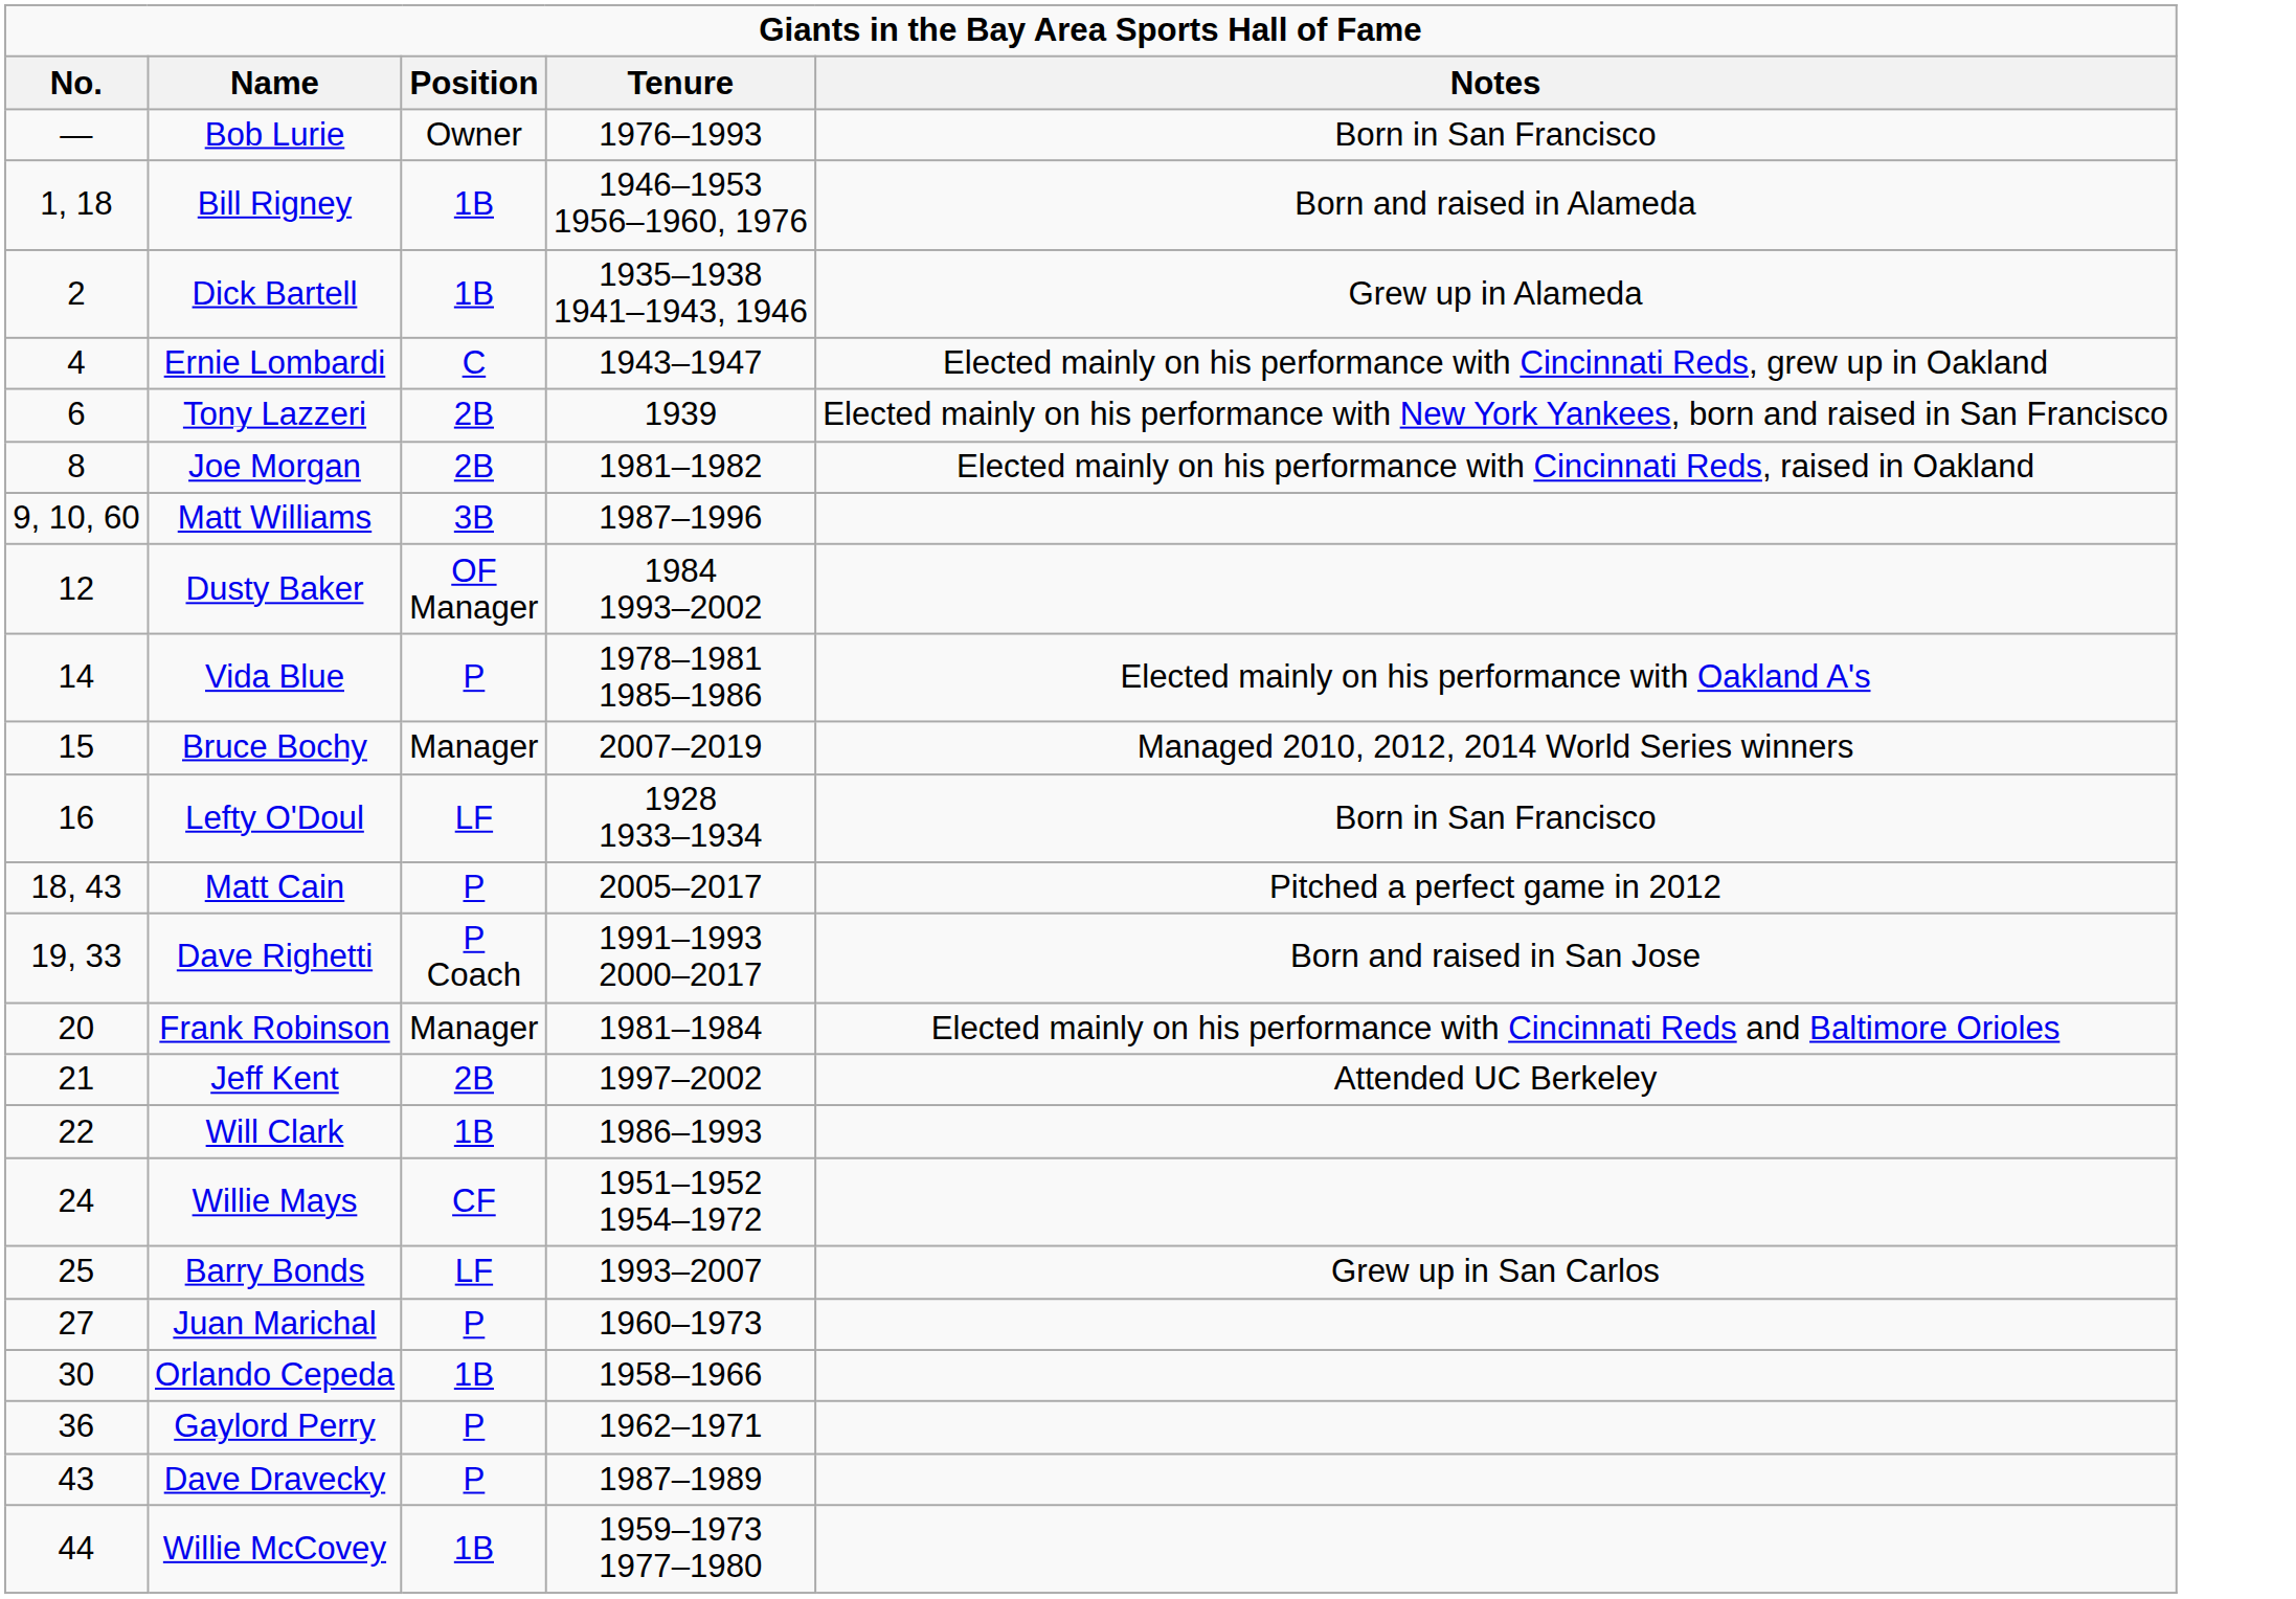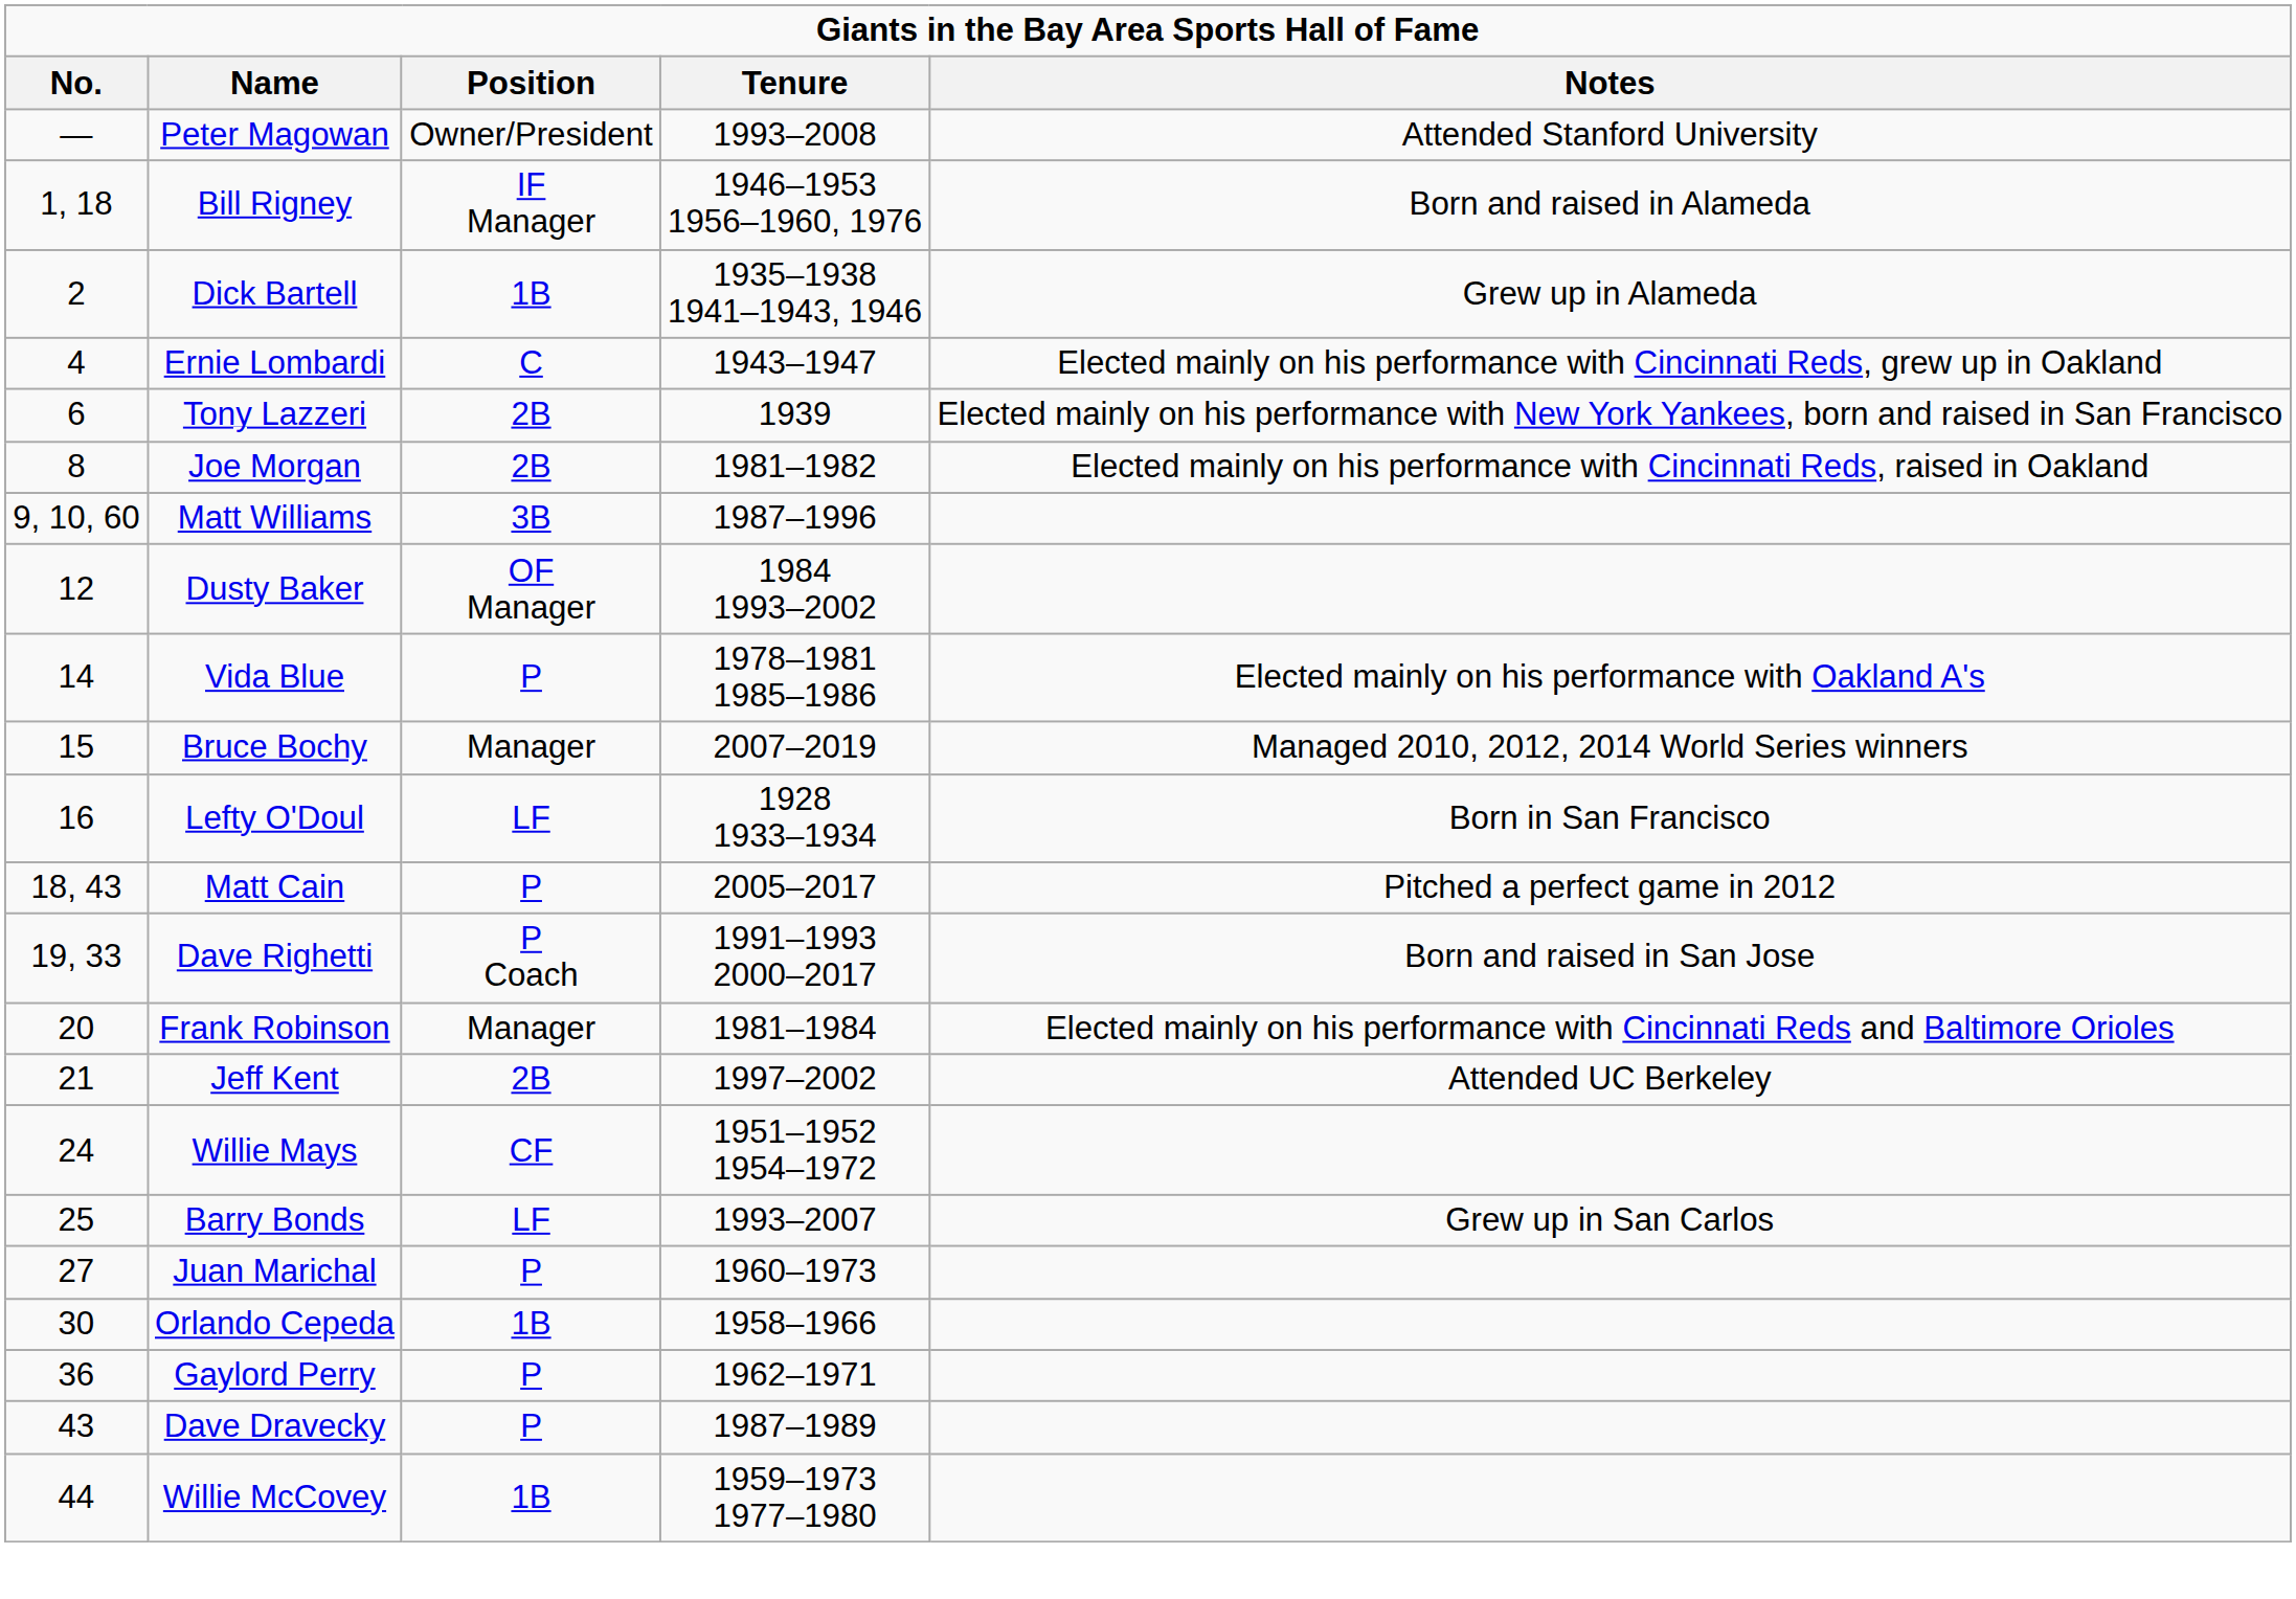 <table class="wikitable" style="text-align:center">
 <tr>
 <td colspan="5"><strong>Giants in the Bay Area Sports Hall of Fame</strong></td>
 </tr>
 <tr>
 <th>No.</th>
 <th>Name</th>
 <th>Position</th>
 <th>Tenure</th>
 <th>Notes</th>
 </tr>
 <tr>
 <td>—</td>
-<td><a href='#'>Bob Lurie</a></td>
-<td>Owner</td>
-<td>1976–1993</td>
-<td>Born in San Francisco</td>
+<td><a href='#'>Peter Magowan</a></td>
+<td>Owner/President</td>
+<td>1993–2008</td>
+<td>Attended Stanford University</td>
 </tr>
 <tr>
 <td>1, 18</td>
 <td><a href='#'>Bill Rigney</a></td>
-<td><a href='#'>1B</a></td>
+<td><a href='#'>IF</a><br>Manager</td>
 <td>1946–1953<br>1956–1960, 1976</td>
 <td>Born and raised in Alameda</td>
 </tr>
 <tr>
 <td>2</td>
 <td><a href='#'>Dick Bartell</a></td>
 <td><a href='#'>1B</a></td>
 <td>1935–1938<br>1941–1943, 1946</td>
 <td>Grew up in Alameda</td>
 </tr>
 <tr>
 <td>4</td>
 <td><a href='#'>Ernie Lombardi</a></td>
 <td><a href='#'>C</a></td>
 <td>1943–1947</td>
 <td>Elected mainly on his performance with <a href='#'>Cincinnati Reds</a>, grew up in Oakland</td>
 </tr>
 <tr>
 <td>6</td>
 <td><a href='#'>Tony Lazzeri</a></td>
 <td><a href='#'>2B</a></td>
 <td>1939</td>
 <td>Elected mainly on his performance with <a href='#'>New York Yankees</a>, born and raised in San Francisco</td>
 </tr>
 <tr>
 <td>8</td>
 <td><a href='#'>Joe Morgan</a></td>
 <td><a href='#'>2B</a></td>
 <td>1981–1982</td>
 <td>Elected mainly on his performance with <a href='#'>Cincinnati Reds</a>, raised in Oakland</td>
 </tr>
 <tr>
 <td>9, 10, 60</td>
 <td><a href='#'>Matt Williams</a></td>
 <td><a href='#'>3B</a></td>
 <td>1987–1996</td>
 <td></td>
 </tr>
 <tr>
 <td>12</td>
 <td><a href='#'>Dusty Baker</a></td>
 <td><a href='#'>OF</a><br>Manager</td>
 <td>1984<br>1993–2002</td>
 <td></td>
 </tr>
 <tr>
 <td>14</td>
 <td><a href='#'>Vida Blue</a></td>
 <td><a href='#'>P</a></td>
 <td>1978–1981<br>1985–1986</td>
 <td>Elected mainly on his performance with <a href='#'>Oakland A's</a></td>
 </tr>
 <tr>
 <td>15</td>
 <td><a href='#'>Bruce Bochy</a></td>
 <td>Manager</td>
 <td>2007–2019</td>
 <td>Managed 2010, 2012, 2014 World Series winners</td>
 </tr>
 <tr>
 <td>16</td>
 <td><a href='#'>Lefty O'Doul</a></td>
 <td><a href='#'>LF</a></td>
 <td>1928<br>1933–1934</td>
 <td>Born in San Francisco</td>
 </tr>
 <tr>
 <td>18, 43</td>
 <td><a href='#'>Matt Cain</a></td>
 <td><a href='#'>P</a></td>
 <td>2005–2017</td>
 <td>Pitched a perfect game in 2012</td>
 </tr>
 <tr>
 <td>19, 33</td>
 <td><a href='#'>Dave Righetti</a></td>
 <td><a href='#'>P</a><br>Coach</td>
 <td>1991–1993<br>2000–2017</td>
 <td>Born and raised in San Jose</td>
 </tr>
 <tr>
 <td>20</td>
 <td><a href='#'>Frank Robinson</a></td>
 <td>Manager</td>
 <td>1981–1984</td>
 <td>Elected mainly on his performance with <a href='#'>Cincinnati Reds</a> and <a href='#'>Baltimore Orioles</a></td>
 </tr>
 <tr>
 <td>21</td>
 <td><a href='#'>Jeff Kent</a></td>
 <td><a href='#'>2B</a></td>
 <td>1997–2002</td>
 <td>Attended UC Berkeley</td>
 </tr>
 <tr>
-<td>22</td>
-<td><a href='#'>Will Clark</a></td>
-<td><a href='#'>1B</a></td>
-<td>1986–1993</td>
-<td></td>
-</tr>
-<tr>
 <td>24</td>
 <td><a href='#'>Willie Mays</a></td>
 <td><a href='#'>CF</a></td>
 <td>1951–1952<br>1954–1972</td>
 <td></td>
 </tr>
 <tr>
 <td>25</td>
 <td><a href='#'>Barry Bonds</a></td>
 <td><a href='#'>LF</a></td>
 <td>1993–2007</td>
 <td>Grew up in San Carlos</td>
 </tr>
 <tr>
 <td>27</td>
 <td><a href='#'>Juan Marichal</a></td>
 <td><a href='#'>P</a></td>
 <td>1960–1973</td>
 <td></td>
 </tr>
 <tr>
 <td>30</td>
 <td><a href='#'>Orlando Cepeda</a></td>
 <td><a href='#'>1B</a></td>
 <td>1958–1966</td>
 <td></td>
 </tr>
 <tr>
 <td>36</td>
 <td><a href='#'>Gaylord Perry</a></td>
 <td><a href='#'>P</a></td>
 <td>1962–1971</td>
 <td></td>
 </tr>
 <tr>
 <td>43</td>
 <td><a href='#'>Dave Dravecky</a></td>
 <td><a href='#'>P</a></td>
 <td>1987–1989</td>
 <td></td>
 </tr>
 <tr>
 <td>44</td>
 <td><a href='#'>Willie McCovey</a></td>
 <td><a href='#'>1B</a></td>
 <td>1959–1973<br>1977–1980</td>
 <td></td>
 </tr>
 </table>
